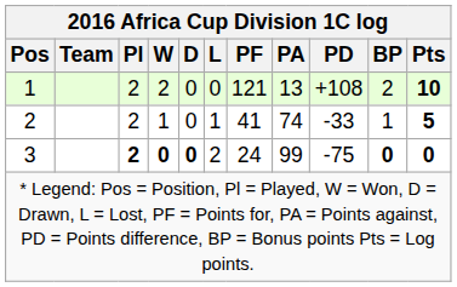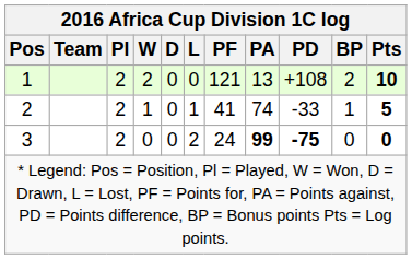 <table class="wikitable" style="text-align:center; line-height:110%; font-size:100%; width:50%;">
 <tr>
 <th colspan="100%" cellpadding="0" cellspacing="0"><strong>2016 Africa Cup Division 1C log</strong></th>
 </tr>
 <tr>
 <th style="width:7%;">Pos</th>
 <th style="width:37%;">Team</th>
 <th style="width:7%;">Pl</th>
 <th style="width:7%;">W</th>
 <th style="width:7%;">D</th>
 <th style="width:7%;">L</th>
 <th style="width:7%;">PF</th>
 <th style="width:7%;">PA</th>
 <th style="width:7%;">PD</th>
 <th style="width:7%;">BP</th>
 <th style="width:7%;">Pts<br></th>
 </tr>
 <tr bgcolor=#E8FFD8>
 <td>1</td>
 <td align=left></td>
 <td>2</td>
 <td>2</td>
 <td>0</td>
 <td>0</td>
 <td>121</td>
 <td>13</td>
 <td>+108</td>
 <td>2</td>
 <td><strong>10</strong></td>
 </tr>
 <tr bgcolor=#FFFFFF>
 <td>2</td>
 <td align=left></td>
 <td>2</td>
 <td>1</td>
 <td>0</td>
 <td>1</td>
 <td>41</td>
 <td>74</td>
 <td>-33</td>
 <td>1</td>
 <td><strong>5</strong></td>
 </tr>
 <tr bgcolor=#FFFFFF>
 <td>3</td>
 <td align=left></td>
-<td><strong>2</strong></td>
-<td><strong>0</strong></td>
-<td><strong>0</strong></td>
+<td>2</td>
+<td>0</td>
+<td>0</td>
 <td>2</td>
 <td>24</td>
-<td>99</td>
-<td>-75</td>
-<td><strong>0</strong></td>
+<td><strong>99</strong></td>
+<td><strong>-75</strong></td>
+<td>0</td>
 <td><strong>0</strong></td>
 </tr>
 <tr>
 <td colspan="100%" style="border:0px"><small>* Legend: Pos = Position, Pl = Played, W = Won, D = Drawn, L = Lost, PF = Points for, PA = Points against, PD = Points difference, BP = Bonus points Pts = Log points.</small></td>
 </tr>
 </table>
